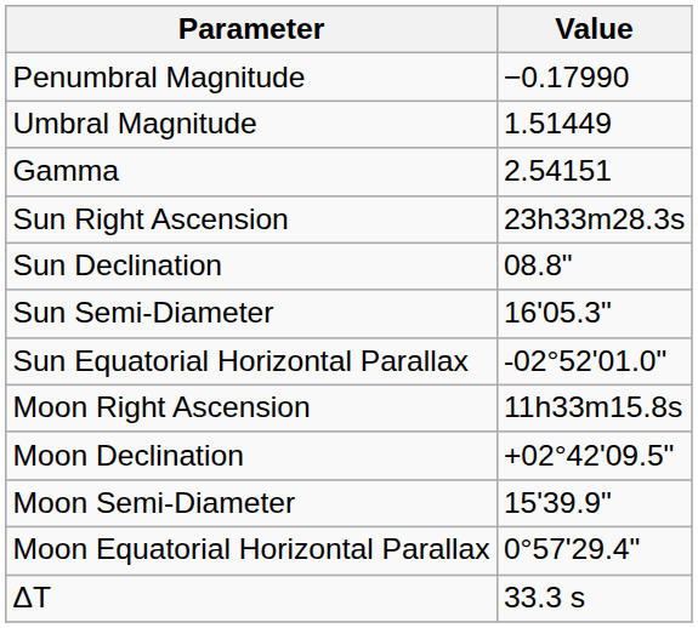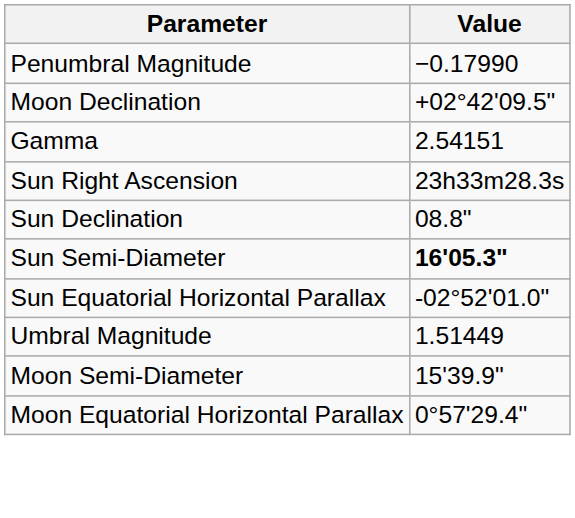 <table class="wikitable">
 <tr>
 <th>Parameter</th>
 <th>Value</th>
 </tr>
 <tr>
 <td>Penumbral Magnitude</td>
 <td>−0.17990</td>
 </tr>
 <tr>
-<td>Umbral Magnitude</td>
-<td>1.51449</td>
+<td>Moon Declination</td>
+<td>+02°42'09.5"</td>
 </tr>
 <tr>
 <td>Gamma</td>
 <td>2.54151</td>
 </tr>
 <tr>
 <td>Sun Right Ascension</td>
 <td>23h33m28.3s</td>
 </tr>
 <tr>
 <td>Sun Declination</td>
 <td>08.8"</td>
 </tr>
 <tr>
 <td>Sun Semi-Diameter</td>
-<td>16'05.3"</td>
+<td><strong>16'05.3"</strong></td>
 </tr>
 <tr>
 <td>Sun Equatorial Horizontal Parallax</td>
 <td>-02°52'01.0"</td>
 </tr>
 <tr>
-<td>Moon Right Ascension</td>
-<td>11h33m15.8s</td>
-</tr>
-<tr>
-<td>Moon Declination</td>
-<td>+02°42'09.5"</td>
+<td>Umbral Magnitude</td>
+<td>1.51449</td>
 </tr>
 <tr>
 <td>Moon Semi-Diameter</td>
 <td>15'39.9"</td>
 </tr>
 <tr>
 <td>Moon Equatorial Horizontal Parallax</td>
 <td>0°57'29.4"</td>
 </tr>
-<tr>
-<td>ΔT</td>
-<td>33.3 s</td>
-</tr>
 </table>
